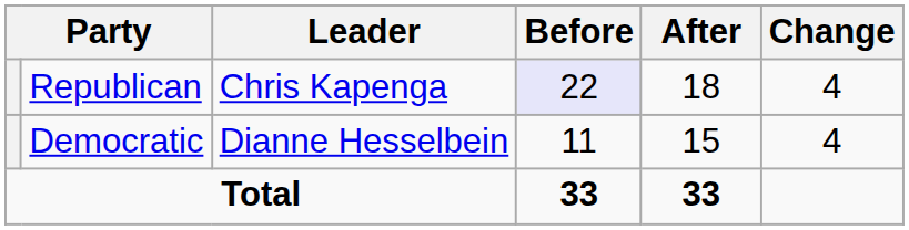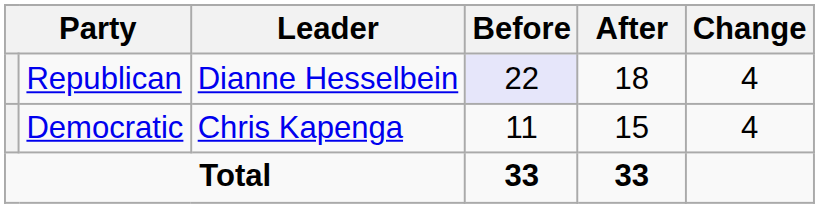 <table class="wikitable" style="text-align:center;">
 <tr>
 </tr>
 <tr>
 <th colspan="2">Party</th>
 <th>Leader</th>
 <th style="width:3em">Before</th>
 <th style="width:3em">After</th>
 <th style="width:3em">Change</th>
 </tr>
 <tr>
 <th style="background-color:"></th>
 <td style="text-align:left;"><a href='#'>Republican</a></td>
-<td style="text-align:left;"><a href='#'>Chris Kapenga</a></td>
+<td style="text-align:left;"><a href='#'>Dianne Hesselbein</a></td>
 <td style="background: lavender;">22</td>
 <td>18</td>
 <td> 4</td>
 </tr>
 <tr>
 <th style="background-color:"></th>
 <td style="text-align:left;"><a href='#'>Democratic</a></td>
-<td style="text-align:left;"><a href='#'>Dianne Hesselbein</a></td>
+<td style="text-align:left;"><a href='#'>Chris Kapenga</a></td>
 <td>11</td>
 <td>15</td>
 <td> 4</td>
 </tr>
 <tr>
 <td colspan="3"><strong>Total</strong></td>
 <td><strong>33</strong></td>
 <td><strong>33</strong></td>
 <td></td>
 </tr>
 </table>
